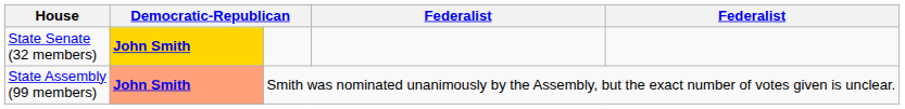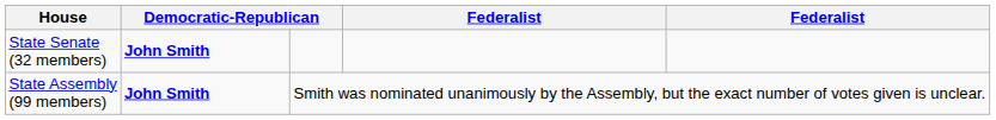 <table class=wikitable>
 <tr>
 <th>House</th>
 <th colspan=2><a href='#'>Democratic-Republican</a></th>
 <th colspan=2><a href='#'>Federalist</a></th>
 <th colspan=2><a href='#'>Federalist</a></th>
 </tr>
 <tr>
 <td><a href='#'>State Senate</a><br>(32 members)</td>
-<td nowrap style="background: gold;"> <strong><a href='#'>John Smith</a></strong></td>
+<td nowrap> <strong><a href='#'>John Smith</a></strong></td>
 <td></td>
 <td colspan=2></td>
 <td colspan=2></td>
 </tr>
 <tr>
 <td><a href='#'>State Assembly</a><br>(99 members)</td>
-<td nowrap style="background: lightsalmon;"> <strong><a href='#'>John Smith</a></strong></td>
+<td nowrap> <strong><a href='#'>John Smith</a></strong></td>
 <td colspan=5>Smith was nominated unanimously by the Assembly, but the exact number of votes given is unclear.</td>
 </tr>
 </table>
